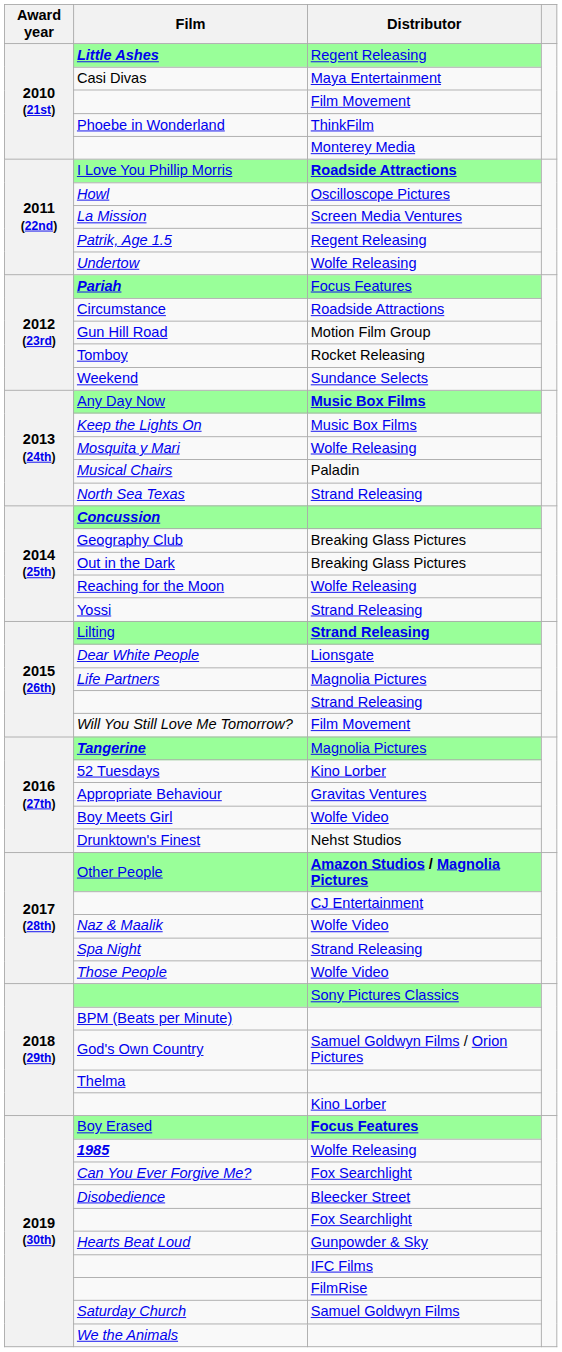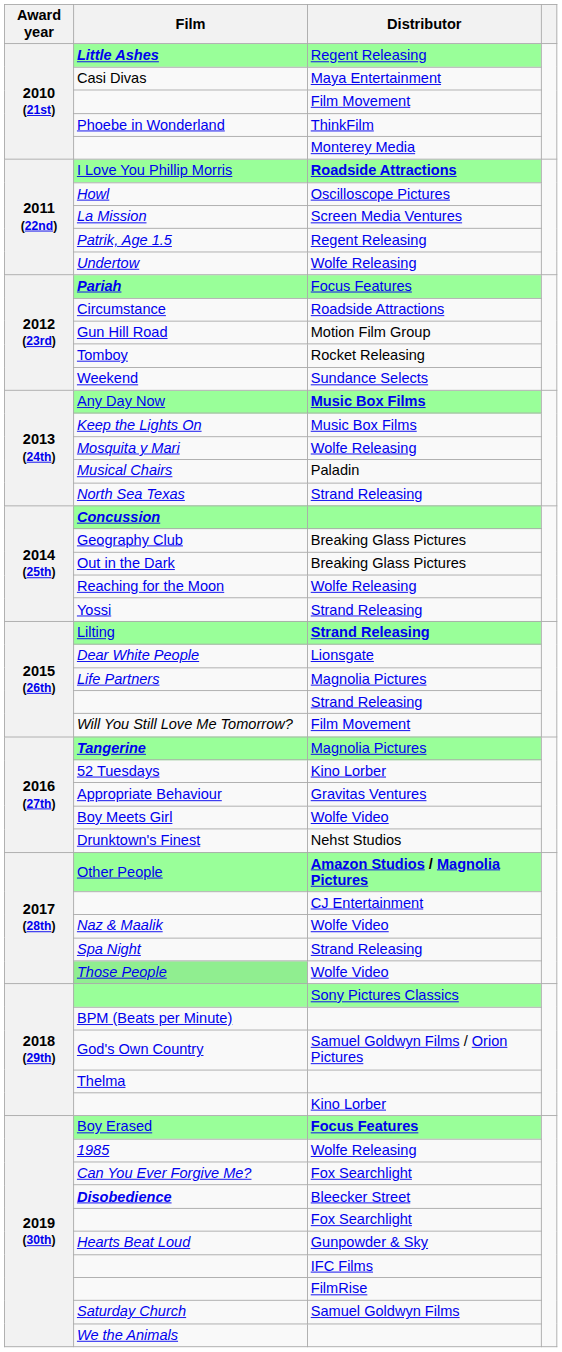 <table class="wikitable sortable">
 <tr>
 <th scope="col" style="width:8%">Award year</th>
 <th scope="col" style="width:30%">Film</th>
 <th scope="col" style="width:30%">Distributor</th>
 <th scope="col" style="width:2%" class="unsortable"></th>
 </tr>
 <tr>
 <th rowspan="5" scope="rowgroup" style="text-align:center">2010<br><small>(<a href='#'>21st</a>)</small></th>
 <td style="background:#99ff99;"><strong><em><a href='#'>Little Ashes</a><em> <strong></td>
 <td style="background:#99ff99;"></strong><a href='#'>Regent Releasing</a><strong></td>
 <td rowspan="5" align="center"><br></td>
 </tr>
 <tr>
 <td></em>Casi Divas<em></td>
 <td><a href='#'>Maya Entertainment</a></td>
 </tr>
 <tr>
 <td></em><em></td>
 <td><a href='#'>Film Movement</a></td>
 </tr>
 <tr>
 <td></em><a href='#'>Phoebe in Wonderland</a><em></td>
 <td><a href='#'>ThinkFilm</a></td>
 </tr>
 <tr>
 <td></em><em></td>
 <td><a href='#'>Monterey Media</a></td>
 </tr>
 <tr>
 <th rowspan="5" scope="rowgroup" style="text-align:center">2011<br><small>(<a href='#'>22nd</a>)</small></th>
 <td style="background:#99ff99;"></em></strong><a href='#'>I Love You Phillip Morris</a></em> </strong></td>
 <td style="background:#99ff99;"><strong><a href='#'>Roadside Attractions</a></strong></td>
 <td rowspan="5" align="center"><br></td>
 </tr>
 <tr>
 <td><em><a href='#'>Howl</a></em></td>
 <td><a href='#'>Oscilloscope Pictures</a></td>
 </tr>
 <tr>
 <td><em><a href='#'>La Mission</a></em></td>
 <td><a href='#'>Screen Media Ventures</a></td>
 </tr>
 <tr>
 <td><em><a href='#'>Patrik, Age 1.5</a></em></td>
 <td><a href='#'>Regent Releasing</a></td>
 </tr>
 <tr>
 <td><em><a href='#'>Undertow</a></em></td>
 <td><a href='#'>Wolfe Releasing</a></td>
 </tr>
 <tr>
 <th rowspan="5" scope="rowgroup" style="text-align:center">2012<br><small>(<a href='#'>23rd</a>)</small></th>
 <td style="background:#99ff99;"><strong><em><a href='#'>Pariah</a><em> <strong></td>
 <td style="background:#99ff99;"></strong><a href='#'>Focus Features</a><strong></td>
 <td rowspan="5" align="center"><br></td>
 </tr>
 <tr>
 <td></em><a href='#'>Circumstance</a><em></td>
 <td><a href='#'>Roadside Attractions</a></td>
 </tr>
 <tr>
 <td></em><a href='#'>Gun Hill Road</a><em></td>
 <td>Motion Film Group</td>
 </tr>
 <tr>
 <td></em><a href='#'>Tomboy</a><em></td>
 <td>Rocket Releasing</td>
 </tr>
 <tr>
 <td></em><a href='#'>Weekend</a><em></td>
 <td><a href='#'>Sundance Selects</a></td>
 </tr>
 <tr>
 <th rowspan="5" scope="rowgroup" style="text-align:center">2013<br><small>(<a href='#'>24th</a>)</small></th>
 <td style="background:#99ff99;"></em></strong><a href='#'>Any Day Now</a></em> </strong></td>
 <td style="background:#99ff99;"><strong><a href='#'>Music Box Films</a></strong></td>
 <td rowspan="5" align="center"><br></td>
 </tr>
 <tr>
 <td><em><a href='#'>Keep the Lights On</a></em></td>
 <td><a href='#'>Music Box Films</a></td>
 </tr>
 <tr>
 <td><em><a href='#'>Mosquita y Mari</a></em></td>
 <td><a href='#'>Wolfe Releasing</a></td>
 </tr>
 <tr>
 <td><em><a href='#'>Musical Chairs</a></em></td>
 <td>Paladin</td>
 </tr>
 <tr>
 <td><em><a href='#'>North Sea Texas</a></em></td>
 <td><a href='#'>Strand Releasing</a></td>
 </tr>
 <tr>
 <th rowspan="5" scope="rowgroup" style="text-align:center">2014<br><small>(<a href='#'>25th</a>)</small></th>
 <td style="background:#99ff99;"><strong><em><a href='#'>Concussion</a><em> <strong></td>
 <td style="background:#99ff99;"></strong><strong></td>
 <td rowspan="5" align="center"><br></td>
 </tr>
 <tr>
 <td></em><a href='#'>Geography Club</a><em></td>
 <td>Breaking Glass Pictures</td>
 </tr>
 <tr>
 <td></em><a href='#'>Out in the Dark</a><em></td>
 <td>Breaking Glass Pictures</td>
 </tr>
 <tr>
 <td></em><a href='#'>Reaching for the Moon</a><em></td>
 <td><a href='#'>Wolfe Releasing</a></td>
 </tr>
 <tr>
 <td></em><a href='#'>Yossi</a><em></td>
 <td><a href='#'>Strand Releasing</a></td>
 </tr>
 <tr>
 <th rowspan="5" scope="rowgroup" style="text-align:center">2015<br><small>(<a href='#'>26th</a>)</small></th>
 <td style="background:#99ff99;"></em></strong><a href='#'>Lilting</a></em> </strong></td>
 <td style="background:#99ff99;"><strong><a href='#'>Strand Releasing</a></strong></td>
 <td rowspan="5" align="center"><br></td>
 </tr>
 <tr>
 <td><em><a href='#'>Dear White People</a></em></td>
 <td><a href='#'>Lionsgate</a></td>
 </tr>
 <tr>
 <td><em><a href='#'>Life Partners</a></em></td>
 <td><a href='#'>Magnolia Pictures</a></td>
 </tr>
 <tr>
 <td><em></em></td>
 <td><a href='#'>Strand Releasing</a></td>
 </tr>
 <tr>
 <td><em>Will You Still Love Me Tomorrow?</em></td>
 <td><a href='#'>Film Movement</a></td>
 </tr>
 <tr>
 <th rowspan="5" scope="rowgroup" style="text-align:center">2016<br><small>(<a href='#'>27th</a>)</small></th>
 <td style="background:#99ff99;"><strong><em><a href='#'>Tangerine</a><em> <strong></td>
 <td style="background:#99ff99;"></strong><a href='#'>Magnolia Pictures</a><strong></td>
 <td rowspan="5" align="center"><br></td>
 </tr>
 <tr>
 <td></em><a href='#'>52 Tuesdays</a><em></td>
 <td><a href='#'>Kino Lorber</a></td>
 </tr>
 <tr>
 <td></em><a href='#'>Appropriate Behaviour</a><em></td>
 <td><a href='#'>Gravitas Ventures</a></td>
 </tr>
 <tr>
 <td></em><a href='#'>Boy Meets Girl</a><em></td>
 <td><a href='#'>Wolfe Video</a></td>
 </tr>
 <tr>
 <td></em><a href='#'>Drunktown's Finest</a><em></td>
 <td>Nehst Studios</td>
 </tr>
 <tr>
 <th rowspan="5" scope="rowgroup" style="text-align:center">2017<br><small>(<a href='#'>28th</a>)</small></th>
 <td style="background:#99ff99;"></em></strong><a href='#'>Other People</a></em> </strong></td>
 <td style="background:#99ff99;"><strong><a href='#'>Amazon Studios</a> / <a href='#'>Magnolia Pictures</a></strong></td>
 <td rowspan="5" align="center"><br></td>
 </tr>
 <tr>
 <td><em></em></td>
 <td><a href='#'>CJ Entertainment</a></td>
 </tr>
 <tr>
 <td><em><a href='#'>Naz & Maalik</a></em></td>
 <td><a href='#'>Wolfe Video</a></td>
 </tr>
 <tr>
 <td><em><a href='#'>Spa Night</a></em></td>
 <td><a href='#'>Strand Releasing</a></td>
 </tr>
 <tr>
-<td><em><a href='#'>Those People</a></em></td>
+<td style="background: lightgreen;"><em><a href='#'>Those People</a></em></td>
 <td><a href='#'>Wolfe Video</a></td>
 </tr>
 <tr>
 <th rowspan="5" scope="rowgroup" style="text-align:center">2018<br><small>(<a href='#'>29th</a>)</small></th>
 <td style="background:#99ff99;"><strong><em><em> <strong></td>
 <td style="background:#99ff99;"></strong><a href='#'>Sony Pictures Classics</a><strong></td>
 <td rowspan="5" align="center"><br></td>
 </tr>
 <tr>
 <td></em><a href='#'>BPM (Beats per Minute)</a><em></td>
 <td></td>
 </tr>
 <tr>
 <td></em><a href='#'>God's Own Country</a><em></td>
 <td><a href='#'>Samuel Goldwyn Films</a> / <a href='#'>Orion Pictures</a></td>
 </tr>
 <tr>
 <td></em><a href='#'>Thelma</a><em></td>
 <td></td>
 </tr>
 <tr>
 <td></em><em></td>
 <td><a href='#'>Kino Lorber</a></td>
 </tr>
 <tr>
 <th rowspan="10" scope="rowgroup" style="text-align:center">2019<br><small>(<a href='#'>30th</a>)</small></th>
 <td style="background:#99ff99;"></em></strong><a href='#'>Boy Erased</a></em> </strong></td>
 <td style="background:#99ff99;"><strong><a href='#'>Focus Features</a></strong></td>
 <td rowspan="10" align="center"><br></td>
 </tr>
 <tr>
-<td><strong><em><a href='#'>1985</a></em></strong></td>
+<td><em><a href='#'>1985</a></em></td>
 <td><a href='#'>Wolfe Releasing</a></td>
 </tr>
 <tr>
 <td><em><a href='#'>Can You Ever Forgive Me?</a></em></td>
 <td><a href='#'>Fox Searchlight</a></td>
 </tr>
 <tr>
-<td><em><a href='#'>Disobedience</a></em></td>
+<td><strong><em><a href='#'>Disobedience</a></em></strong></td>
 <td><a href='#'>Bleecker Street</a></td>
 </tr>
 <tr>
 <td><em></em></td>
 <td><a href='#'>Fox Searchlight</a></td>
 </tr>
 <tr>
 <td><em><a href='#'>Hearts Beat Loud</a></em></td>
 <td><a href='#'>Gunpowder & Sky</a></td>
 </tr>
 <tr>
 <td><em></em></td>
 <td><a href='#'>IFC Films</a></td>
 </tr>
 <tr>
 <td><em></em></td>
 <td><a href='#'>FilmRise</a></td>
 </tr>
 <tr>
 <td><em><a href='#'>Saturday Church</a></em></td>
 <td><a href='#'>Samuel Goldwyn Films</a></td>
 </tr>
 <tr>
 <td><em><a href='#'>We the Animals</a></em></td>
 <td></td>
 </tr>
 </table>
